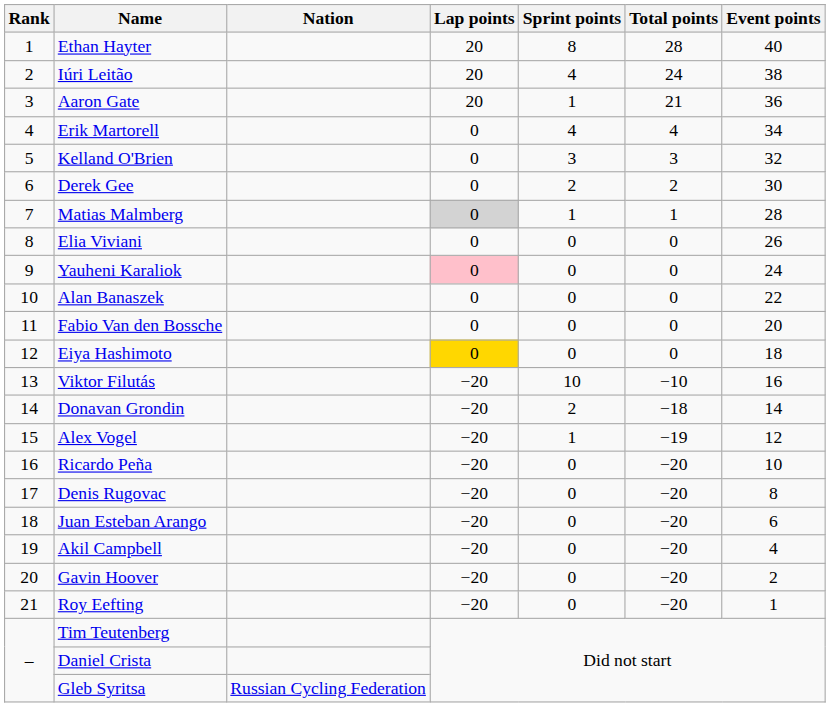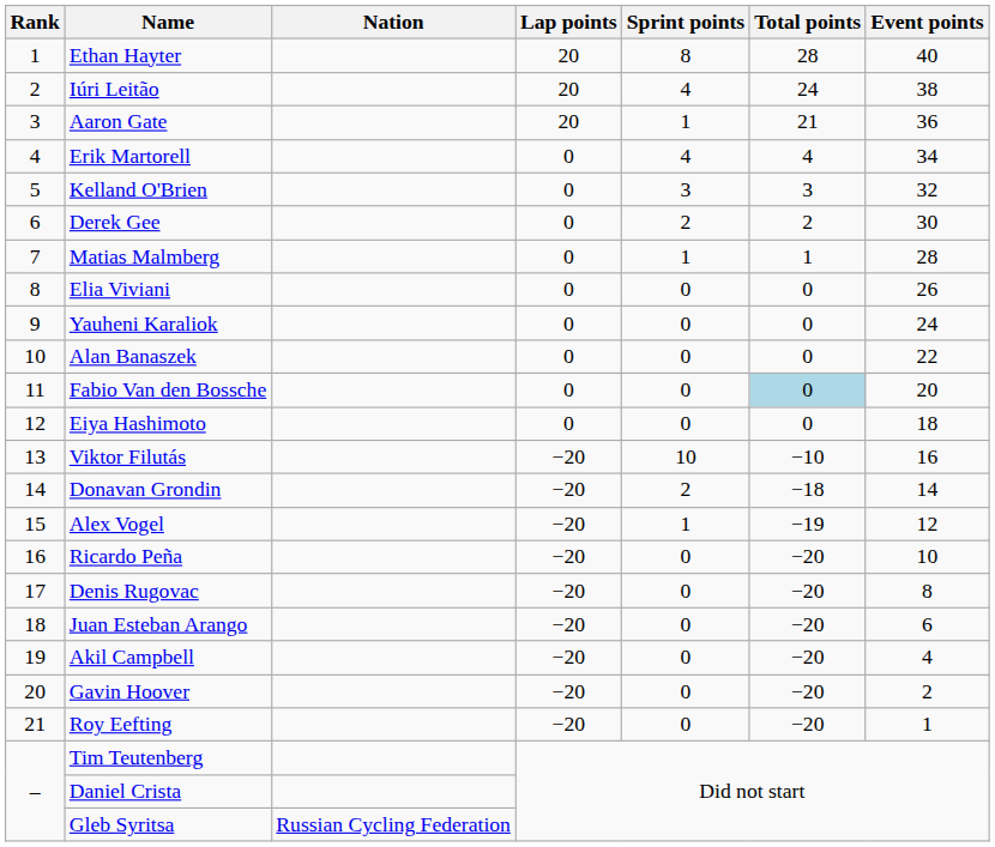 <table class="wikitable sortable" style="text-align:center">
 <tr>
 <th>Rank</th>
 <th>Name</th>
 <th>Nation</th>
 <th>Lap points</th>
 <th>Sprint points</th>
 <th>Total points</th>
 <th>Event points</th>
 </tr>
 <tr>
 <td>1</td>
 <td align=left><a href='#'>Ethan Hayter</a></td>
 <td align=left></td>
 <td>20</td>
 <td>8</td>
 <td>28</td>
 <td>40</td>
 </tr>
 <tr>
 <td>2</td>
 <td align=left><a href='#'>Iúri Leitão</a></td>
 <td align=left></td>
 <td>20</td>
 <td>4</td>
 <td>24</td>
 <td>38</td>
 </tr>
 <tr>
 <td>3</td>
 <td align=left><a href='#'>Aaron Gate</a></td>
 <td align=left></td>
 <td>20</td>
 <td>1</td>
 <td>21</td>
 <td>36</td>
 </tr>
 <tr>
 <td>4</td>
 <td align=left><a href='#'>Erik Martorell</a></td>
 <td align=left></td>
 <td>0</td>
 <td>4</td>
 <td>4</td>
 <td>34</td>
 </tr>
 <tr>
 <td>5</td>
 <td align=left><a href='#'>Kelland O'Brien</a></td>
 <td align=left></td>
 <td>0</td>
 <td>3</td>
 <td>3</td>
 <td>32</td>
 </tr>
 <tr>
 <td>6</td>
 <td align=left><a href='#'>Derek Gee</a></td>
 <td align=left></td>
 <td>0</td>
 <td>2</td>
 <td>2</td>
 <td>30</td>
 </tr>
 <tr>
 <td>7</td>
 <td align=left><a href='#'>Matias Malmberg</a></td>
 <td align=left></td>
-<td style="background: lightgrey;">0</td>
+<td>0</td>
 <td>1</td>
 <td>1</td>
 <td>28</td>
 </tr>
 <tr>
 <td>8</td>
 <td align=left><a href='#'>Elia Viviani</a></td>
 <td align=left></td>
 <td>0</td>
 <td>0</td>
 <td>0</td>
 <td>26</td>
 </tr>
 <tr>
 <td>9</td>
 <td align=left><a href='#'>Yauheni Karaliok</a></td>
 <td align=left></td>
-<td style="background: pink;">0</td>
+<td>0</td>
 <td>0</td>
 <td>0</td>
 <td>24</td>
 </tr>
 <tr>
 <td>10</td>
 <td align=left><a href='#'>Alan Banaszek</a></td>
 <td align=left></td>
 <td>0</td>
 <td>0</td>
 <td>0</td>
 <td>22</td>
 </tr>
 <tr>
 <td>11</td>
 <td align=left><a href='#'>Fabio Van den Bossche</a></td>
 <td align=left></td>
 <td>0</td>
 <td>0</td>
-<td>0</td>
+<td style="background: lightblue;">0</td>
 <td>20</td>
 </tr>
 <tr>
 <td>12</td>
 <td align=left><a href='#'>Eiya Hashimoto</a></td>
 <td align=left></td>
-<td style="background: gold;">0</td>
+<td>0</td>
 <td>0</td>
 <td>0</td>
 <td>18</td>
 </tr>
 <tr>
 <td>13</td>
 <td align=left><a href='#'>Viktor Filutás</a></td>
 <td align=left></td>
 <td>−20</td>
 <td>10</td>
 <td>−10</td>
 <td>16</td>
 </tr>
 <tr>
 <td>14</td>
 <td align=left><a href='#'>Donavan Grondin</a></td>
 <td align=left></td>
 <td>−20</td>
 <td>2</td>
 <td>−18</td>
 <td>14</td>
 </tr>
 <tr>
 <td>15</td>
 <td align=left><a href='#'>Alex Vogel</a></td>
 <td align=left></td>
 <td>−20</td>
 <td>1</td>
 <td>−19</td>
 <td>12</td>
 </tr>
 <tr>
 <td>16</td>
 <td align=left><a href='#'>Ricardo Peña</a></td>
 <td align=left></td>
 <td>−20</td>
 <td>0</td>
 <td>−20</td>
 <td>10</td>
 </tr>
 <tr>
 <td>17</td>
 <td align=left><a href='#'>Denis Rugovac</a></td>
 <td align=left></td>
 <td>−20</td>
 <td>0</td>
 <td>−20</td>
 <td>8</td>
 </tr>
 <tr>
 <td>18</td>
 <td align=left><a href='#'>Juan Esteban Arango</a></td>
 <td align=left></td>
 <td>−20</td>
 <td>0</td>
 <td>−20</td>
 <td>6</td>
 </tr>
 <tr>
 <td>19</td>
 <td align=left><a href='#'>Akil Campbell</a></td>
 <td align=left></td>
 <td>−20</td>
 <td>0</td>
 <td>−20</td>
 <td>4</td>
 </tr>
 <tr>
 <td>20</td>
 <td align=left><a href='#'>Gavin Hoover</a></td>
 <td align=left></td>
 <td>−20</td>
 <td>0</td>
 <td>−20</td>
 <td>2</td>
 </tr>
 <tr>
 <td>21</td>
 <td align=left><a href='#'>Roy Eefting</a></td>
 <td align=left></td>
 <td>−20</td>
 <td>0</td>
 <td>−20</td>
 <td>1</td>
 </tr>
 <tr>
 <td rowspan=3>–</td>
 <td align=left><a href='#'>Tim Teutenberg</a></td>
 <td align=left></td>
 <td rowspan=3 colspan=4>Did not start</td>
 </tr>
 <tr>
 <td align=left><a href='#'>Daniel Crista</a></td>
 <td align=left></td>
 </tr>
 <tr>
 <td align=left><a href='#'>Gleb Syritsa</a></td>
 <td align=left><a href='#'>Russian Cycling Federation</a></td>
 </tr>
 </table>
